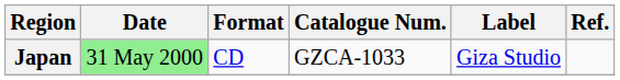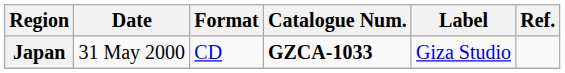 <table class="wikitable sortable plainrowheaders">
 <tr>
 <th scope="col">Region</th>
 <th scope="col">Date</th>
 <th scope="col">Format</th>
 <th scope="col">Catalogue Num.</th>
 <th scope="col">Label</th>
 <th scope="col">Ref.</th>
 </tr>
 <tr>
 <th scope="row">Japan</th>
-<td style="background: lightgreen;">31 May 2000</td>
+<td>31 May 2000</td>
 <td><a href='#'>CD</a></td>
-<td>GZCA-1033</td>
+<td><strong>GZCA-1033</strong></td>
 <td><a href='#'>Giza Studio</a></td>
 <td></td>
 </tr>
 <tr>
 </tr>
 </table>
